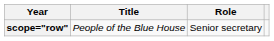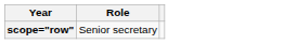 <table class="wikitable sortable plainrowheaders">
 <tr>
 <th scope="col">Year</th>
-<th scope="col">Title</th>
 <th scope="col">Role</th>
 <th scope="col" class="unsortable"></th>
 </tr>
 <tr>
 <th>scope="row" </th>
-<td><em>People of the Blue House</em></td>
 <td>Senior secretary</td>
 <td></td>
 </tr>
 </table>
